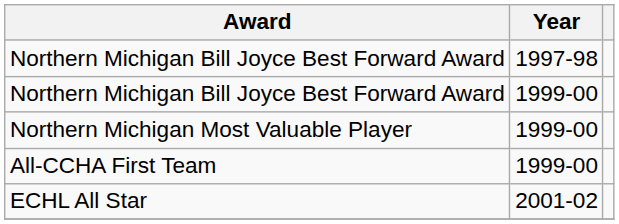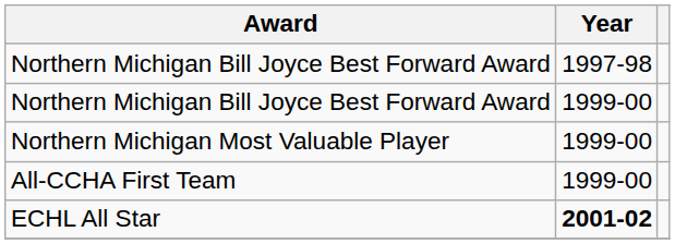 <table class="wikitable">
 <tr>
 <th>Award</th>
 <th>Year</th>
 <th></th>
 </tr>
 <tr>
 <td>Northern Michigan Bill Joyce Best Forward Award</td>
 <td>1997-98</td>
 <td></td>
 </tr>
 <tr>
 <td>Northern Michigan Bill Joyce Best Forward Award</td>
 <td>1999-00</td>
 <td></td>
 </tr>
 <tr>
 <td>Northern Michigan  Most Valuable Player</td>
 <td>1999-00</td>
 <td></td>
 </tr>
 <tr>
 <td>All-CCHA First Team</td>
 <td>1999-00</td>
 <td></td>
 </tr>
 <tr>
 <td>ECHL All Star</td>
-<td>2001-02</td>
+<td><strong>2001-02</strong></td>
 <td></td>
 </tr>
 <tr>
 </tr>
 </table>
